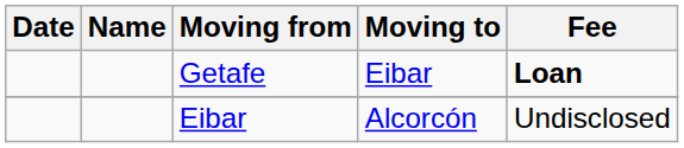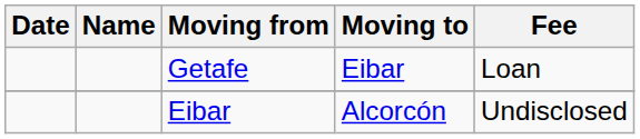 <table class="wikitable sortable">
 <tr>
 <th>Date</th>
 <th>Name</th>
 <th>Moving from</th>
 <th>Moving to</th>
 <th>Fee</th>
 </tr>
 <tr>
 <td></td>
 <td></td>
 <td><a href='#'>Getafe</a></td>
 <td><a href='#'>Eibar</a></td>
-<td><strong>Loan</strong></td>
+<td>Loan</td>
 </tr>
 <tr>
 </tr>
 <tr>
 <td></td>
 <td></td>
 <td><a href='#'>Eibar</a></td>
 <td><a href='#'>Alcorcón</a></td>
 <td>Undisclosed</td>
 </tr>
 </table>
